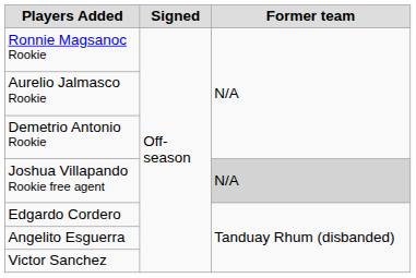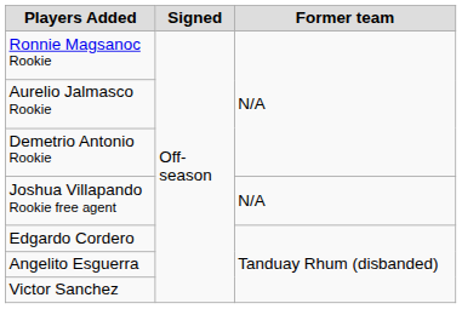 <table class="wikitable sortable sortable">
 <tr align="center" bgcolor="#dddddd">
 <td style="width:140px"><strong>Players Added</strong></td>
 <td style="width:70px"><strong>Signed</strong></td>
 <td style="width:210px"><strong>Former team</strong></td>
 </tr>
 <tr>
 <td><a href='#'>Ronnie Magsanoc</a> <sup>Rookie</sup></td>
 <td rowspan="7">Off-season</td>
 <td rowspan="3">N/A</td>
 </tr>
 <tr>
 <td>Aurelio Jalmasco <sup>Rookie</sup></td>
 </tr>
 <tr>
 <td>Demetrio Antonio <sup>Rookie</sup></td>
 </tr>
 <tr>
 <td>Joshua Villapando <sup>Rookie free agent</sup></td>
-<td style="background: lightgrey;">N/A</td>
+<td>N/A</td>
 </tr>
 <tr>
 <td>Edgardo Cordero</td>
 <td rowspan="3">Tanduay Rhum (disbanded)</td>
 </tr>
 <tr>
 <td>Angelito Esguerra</td>
 </tr>
 <tr>
 <td>Victor Sanchez</td>
 </tr>
 </table>
